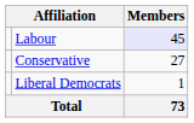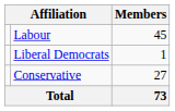 <table class="wikitable">
 <tr>
 <th colspan="2">Affiliation</th>
 <th>Members</th>
 </tr>
 <tr>
 <td style="color:inherit;background:"></td>
 <td><a href='#'>Labour</a></td>
-<td style="background: lavender; text-align:right;">45</td>
+<td style="text-align:right;">45</td>
+</tr>
+<tr>
+<td style="color:inherit;background:"></td>
+<td><a href='#'>Liberal Democrats</a></td>
+<td style="text-align:right;">1</td>
 </tr>
 <tr>
 <td style="color:inherit;background:"></td>
 <td><a href='#'>Conservative</a></td>
 <td style="text-align:right;">27</td>
 </tr>
 <tr>
-<td style="color:inherit;background:"></td>
-<td><a href='#'>Liberal Democrats</a></td>
-<td style="text-align:right;">1</td>
-</tr>
-<tr>
 <th colspan="2"> Total</th>
 <th style="text-align:right;">73</th>
 </tr>
 </table>
